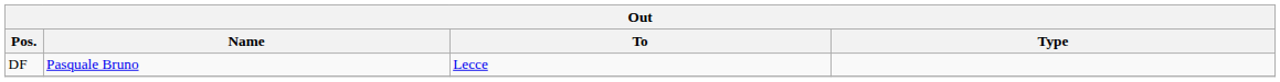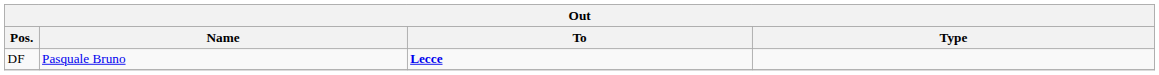 <table class="wikitable" style="font-size:90%;width:99%;">
 <tr>
 <th colspan="4">Out</th>
 </tr>
 <tr>
 <th width=3%>Pos.</th>
 <th width=32%>Name</th>
 <th width=30%>To</th>
 <th width=35%>Type</th>
 </tr>
 <tr>
 <td>DF</td>
 <td><a href='#'>Pasquale Bruno</a></td>
-<td><a href='#'>Lecce</a></td>
+<td><strong><a href='#'>Lecce</a></strong></td>
 <td></td>
 </tr>
 <tr>
 </tr>
 </table>
